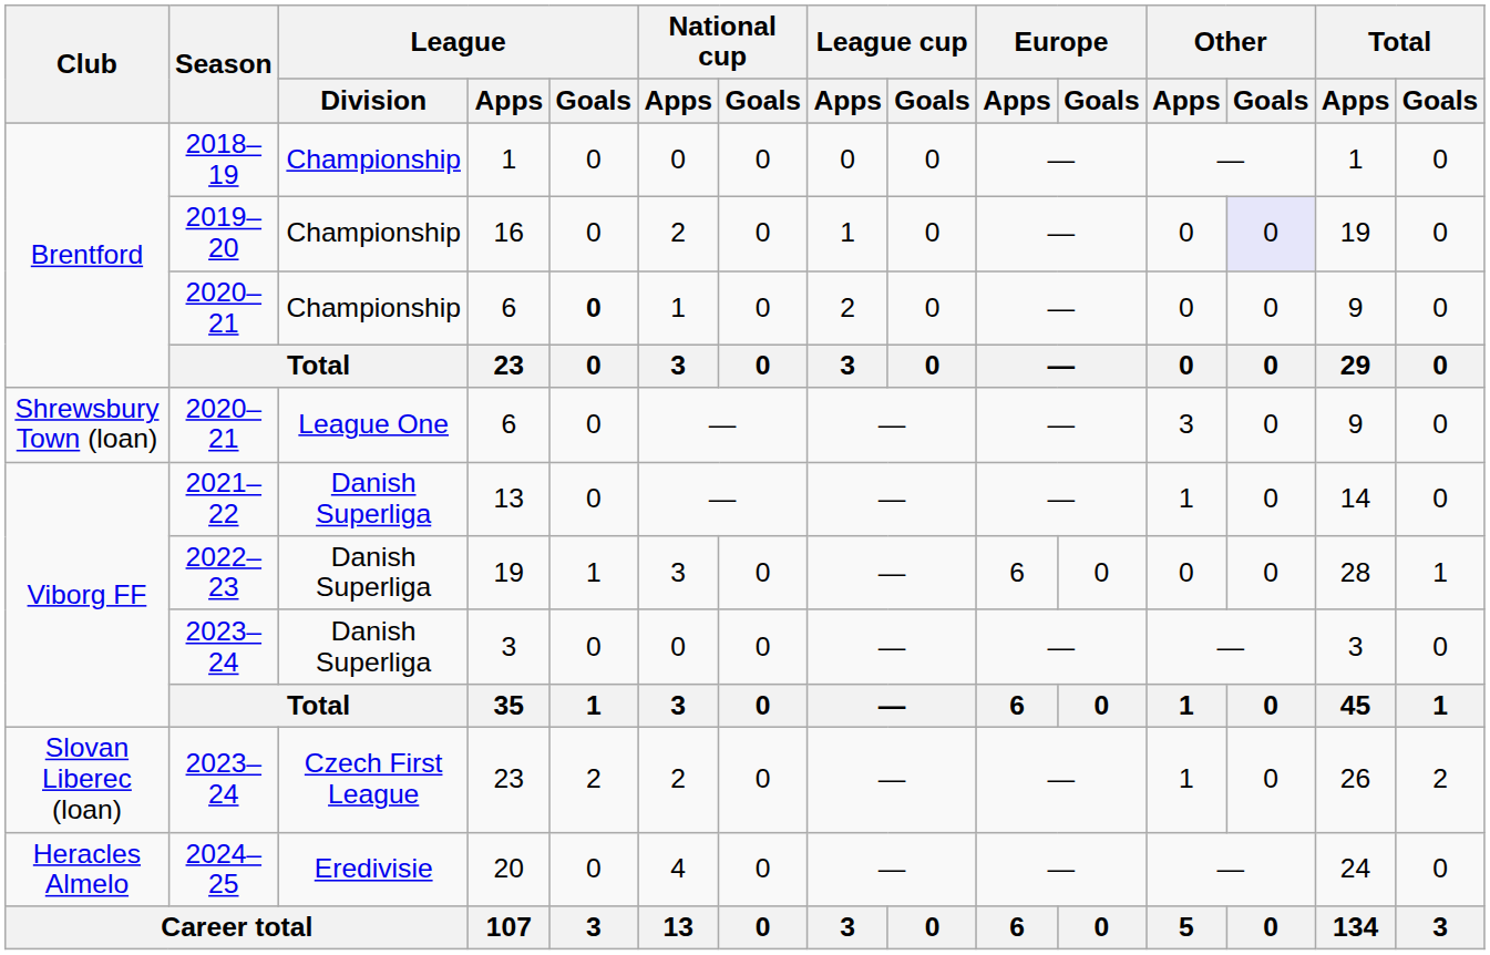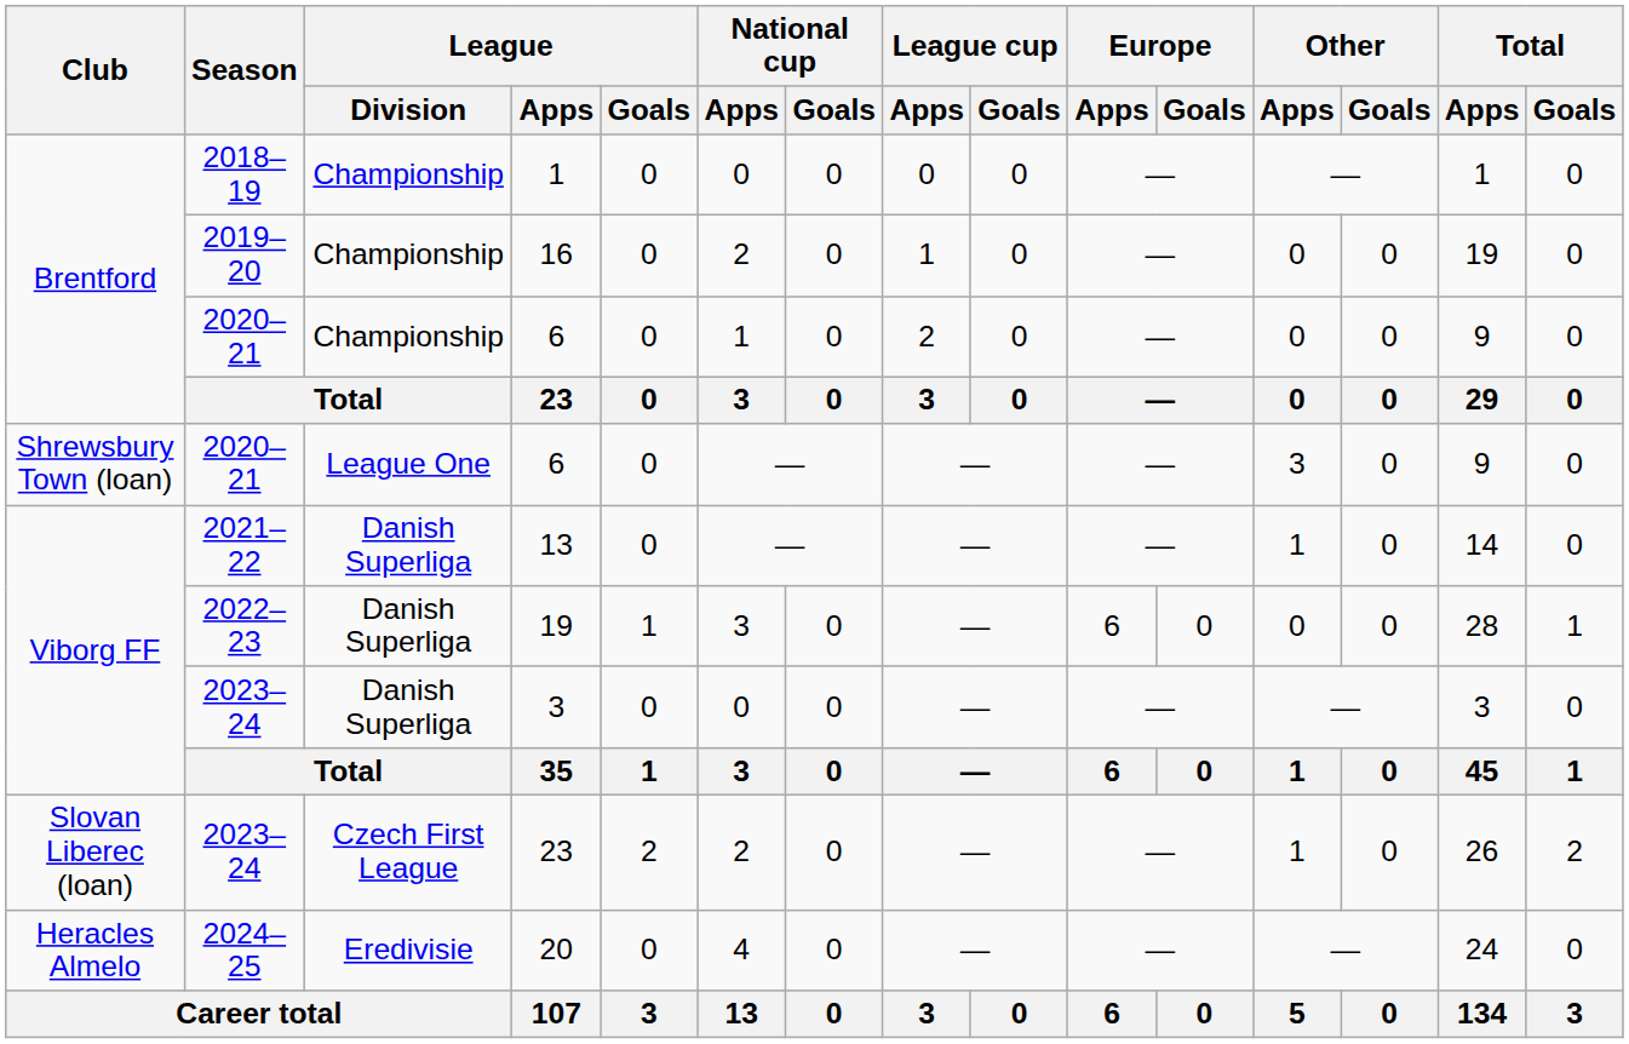 <table class="wikitable" style="text-align: center;">
 <tr>
 <th rowspan="2">Club</th>
 <th rowspan="2">Season</th>
 <th colspan="3">League</th>
 <th colspan="2">National cup</th>
 <th colspan="2">League cup</th>
 <th colspan="2">Europe</th>
 <th colspan="2">Other</th>
 <th colspan="2">Total</th>
 </tr>
 <tr>
 <th>Division</th>
 <th>Apps</th>
 <th>Goals</th>
 <th>Apps</th>
 <th>Goals</th>
 <th>Apps</th>
 <th>Goals</th>
 <th>Apps</th>
 <th>Goals</th>
 <th>Apps</th>
 <th>Goals</th>
 <th>Apps</th>
 <th>Goals</th>
 </tr>
 <tr>
 <td rowspan="4"><a href='#'>Brentford</a></td>
 <td><a href='#'>2018–19</a></td>
 <td><a href='#'>Championship</a></td>
 <td>1</td>
 <td>0</td>
 <td>0</td>
 <td>0</td>
 <td>0</td>
 <td>0</td>
 <td colspan="2">―</td>
 <td colspan="2">―</td>
 <td>1</td>
 <td>0</td>
 </tr>
 <tr>
 <td><a href='#'>2019–20</a></td>
 <td>Championship</td>
 <td>16</td>
 <td>0</td>
 <td>2</td>
 <td>0</td>
 <td>1</td>
 <td>0</td>
 <td colspan="2">―</td>
 <td>0</td>
-<td style="background: lavender;">0</td>
+<td>0</td>
 <td>19</td>
 <td>0</td>
 </tr>
 <tr>
 <td><a href='#'>2020–21</a></td>
 <td>Championship</td>
 <td>6</td>
-<td><strong>0</strong></td>
+<td>0</td>
 <td>1</td>
 <td>0</td>
 <td>2</td>
 <td>0</td>
 <td colspan="2">―</td>
 <td>0</td>
 <td>0</td>
 <td>9</td>
 <td>0</td>
 </tr>
 <tr>
 <th colspan="2">Total</th>
 <th>23</th>
 <th>0</th>
 <th>3</th>
 <th>0</th>
 <th>3</th>
 <th>0</th>
 <th colspan="2">―</th>
 <th>0</th>
 <th>0</th>
 <th>29</th>
 <th>0</th>
 </tr>
 <tr>
 <td><a href='#'>Shrewsbury Town</a> (loan)</td>
 <td><a href='#'>2020–21</a></td>
 <td><a href='#'>League One</a></td>
 <td>6</td>
 <td>0</td>
 <td colspan="2">―</td>
 <td colspan="2">―</td>
 <td colspan="2">―</td>
 <td>3</td>
 <td>0</td>
 <td>9</td>
 <td>0</td>
 </tr>
 <tr>
 <td rowspan="4"><a href='#'>Viborg FF</a></td>
 <td><a href='#'>2021–22</a></td>
 <td><a href='#'>Danish Superliga</a></td>
 <td>13</td>
 <td>0</td>
 <td colspan="2">―</td>
 <td colspan="2">―</td>
 <td colspan="2">―</td>
 <td>1</td>
 <td>0</td>
 <td>14</td>
 <td>0</td>
 </tr>
 <tr>
 <td><a href='#'>2022–23</a></td>
 <td>Danish Superliga</td>
 <td>19</td>
 <td>1</td>
 <td>3</td>
 <td>0</td>
 <td colspan="2">―</td>
 <td>6</td>
 <td>0</td>
 <td>0</td>
 <td>0</td>
 <td>28</td>
 <td>1</td>
 </tr>
 <tr>
 <td><a href='#'>2023–24</a></td>
 <td>Danish Superliga</td>
 <td>3</td>
 <td>0</td>
 <td>0</td>
 <td>0</td>
 <td colspan="2">―</td>
 <td colspan="2">―</td>
 <td colspan="2">―</td>
 <td>3</td>
 <td>0</td>
 </tr>
 <tr>
 <th colspan="2">Total</th>
 <th>35</th>
 <th>1</th>
 <th>3</th>
 <th>0</th>
 <th colspan="2">―</th>
 <th>6</th>
 <th>0</th>
 <th>1</th>
 <th>0</th>
 <th>45</th>
 <th>1</th>
 </tr>
 <tr>
 <td><a href='#'>Slovan Liberec</a> (loan)</td>
 <td><a href='#'>2023–24</a></td>
 <td><a href='#'>Czech First League</a></td>
 <td>23</td>
 <td>2</td>
 <td>2</td>
 <td>0</td>
 <td colspan="2">―</td>
 <td colspan="2">―</td>
 <td>1</td>
 <td>0</td>
 <td>26</td>
 <td>2</td>
 </tr>
 <tr>
 <td><a href='#'>Heracles Almelo</a></td>
 <td><a href='#'>2024–25</a></td>
 <td><a href='#'>Eredivisie</a></td>
 <td>20</td>
 <td>0</td>
 <td>4</td>
 <td>0</td>
 <td colspan="2">―</td>
 <td colspan="2">―</td>
 <td colspan="2">―</td>
 <td>24</td>
 <td>0</td>
 </tr>
 <tr>
 <th colspan="3">Career total</th>
 <th>107</th>
 <th>3</th>
 <th>13</th>
 <th>0</th>
 <th>3</th>
 <th>0</th>
 <th>6</th>
 <th>0</th>
 <th>5</th>
 <th>0</th>
 <th>134</th>
 <th>3</th>
 </tr>
 </table>
